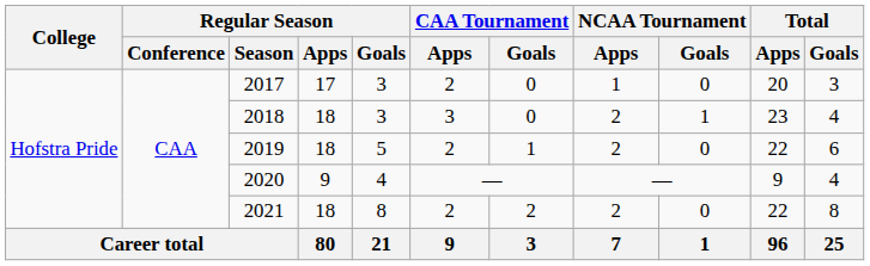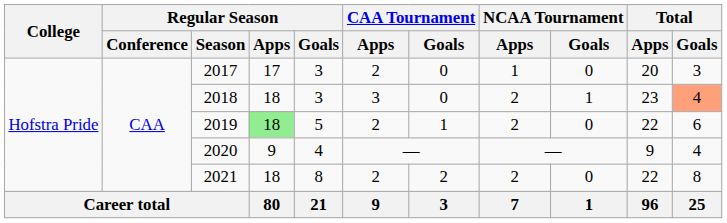 <table class="wikitable" style="text-align: center;">
 <tr>
 <th rowspan="2">College</th>
 <th colspan="4">Regular Season</th>
 <th colspan="2"><a href='#'>CAA Tournament</a></th>
 <th colspan="2">NCAA Tournament</th>
 <th colspan="2">Total</th>
 </tr>
 <tr>
 <th>Conference</th>
 <th>Season</th>
 <th>Apps</th>
 <th>Goals</th>
 <th>Apps</th>
 <th>Goals</th>
 <th>Apps</th>
 <th>Goals</th>
 <th>Apps</th>
 <th>Goals</th>
 </tr>
 <tr>
 <td rowspan="5"><a href='#'>Hofstra Pride</a></td>
 <td rowspan="5"><a href='#'>CAA</a></td>
 <td>2017</td>
 <td>17</td>
 <td>3</td>
 <td>2</td>
 <td>0</td>
 <td>1</td>
 <td>0</td>
 <td>20</td>
 <td>3</td>
 </tr>
 <tr>
 <td>2018</td>
 <td>18</td>
 <td>3</td>
 <td>3</td>
 <td>0</td>
 <td>2</td>
 <td>1</td>
 <td>23</td>
-<td>4</td>
+<td style="background: lightsalmon;">4</td>
 </tr>
 <tr>
 <td>2019</td>
-<td>18</td>
+<td style="background: lightgreen;">18</td>
 <td>5</td>
 <td>2</td>
 <td>1</td>
 <td>2</td>
 <td>0</td>
 <td>22</td>
 <td>6</td>
 </tr>
 <tr>
 <td>2020</td>
 <td>9</td>
 <td>4</td>
 <td colspan="2">—</td>
 <td colspan="2">—</td>
 <td>9</td>
 <td>4</td>
 </tr>
 <tr>
 <td>2021</td>
 <td>18</td>
 <td>8</td>
 <td>2</td>
 <td>2</td>
 <td>2</td>
 <td>0</td>
 <td>22</td>
 <td>8</td>
 </tr>
 <tr>
 <th colspan="3">Career total</th>
 <th>80</th>
 <th>21</th>
 <th>9</th>
 <th>3</th>
 <th>7</th>
 <th>1</th>
 <th>96</th>
 <th>25</th>
 </tr>
 </table>
